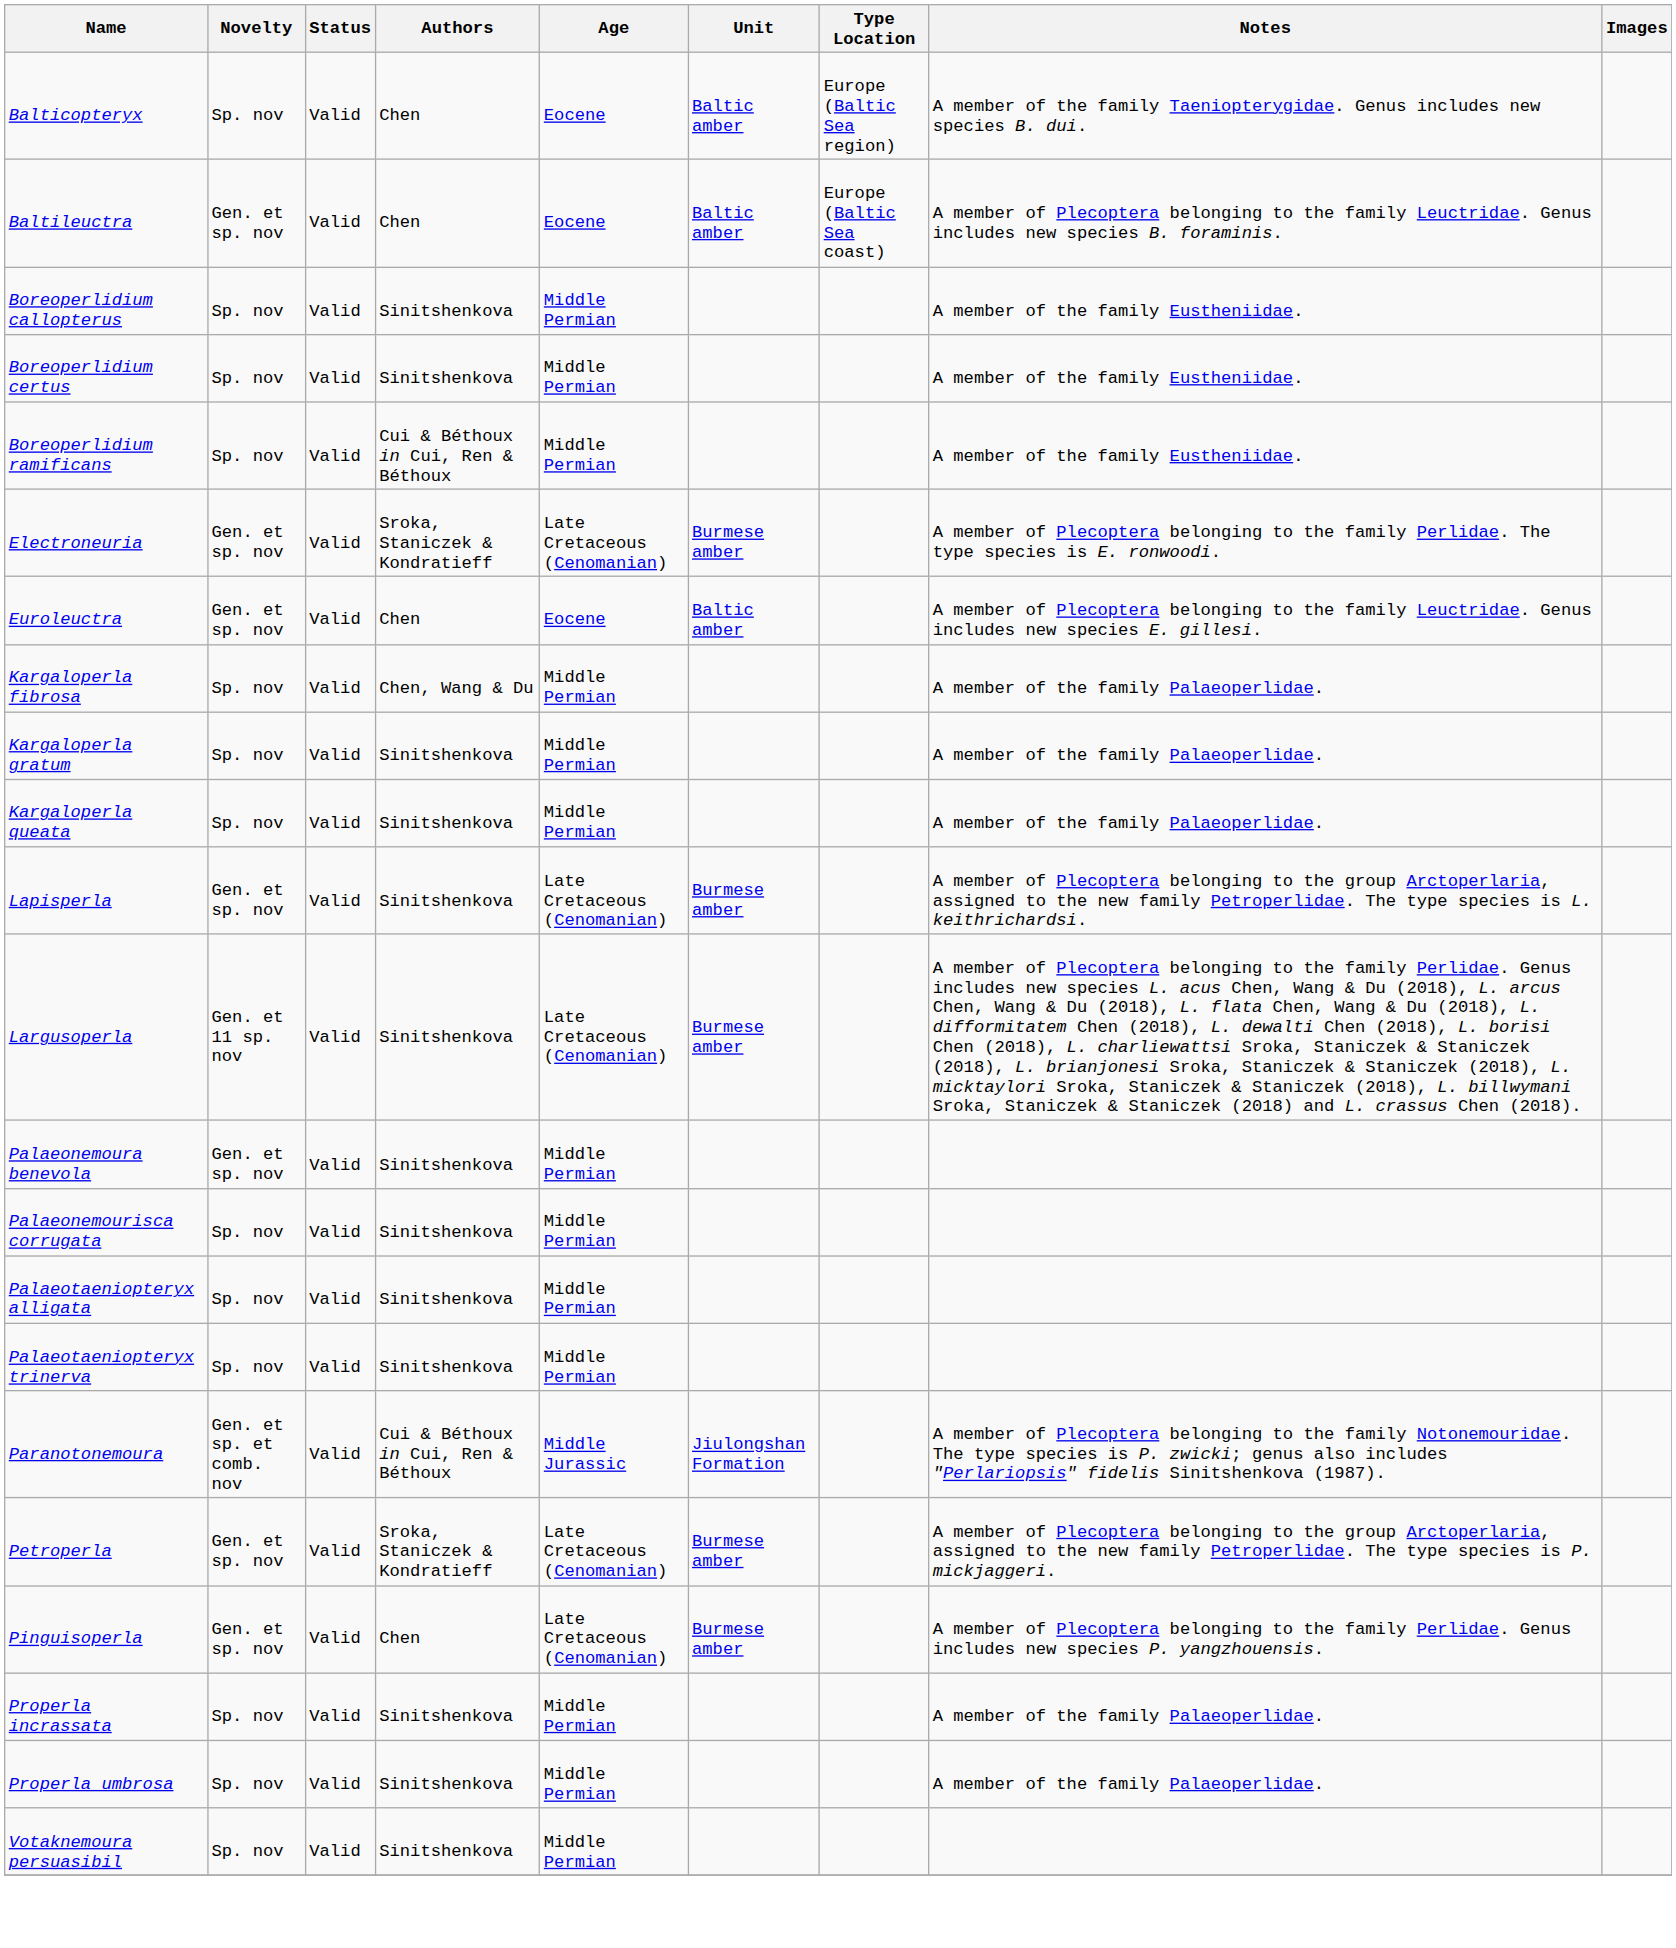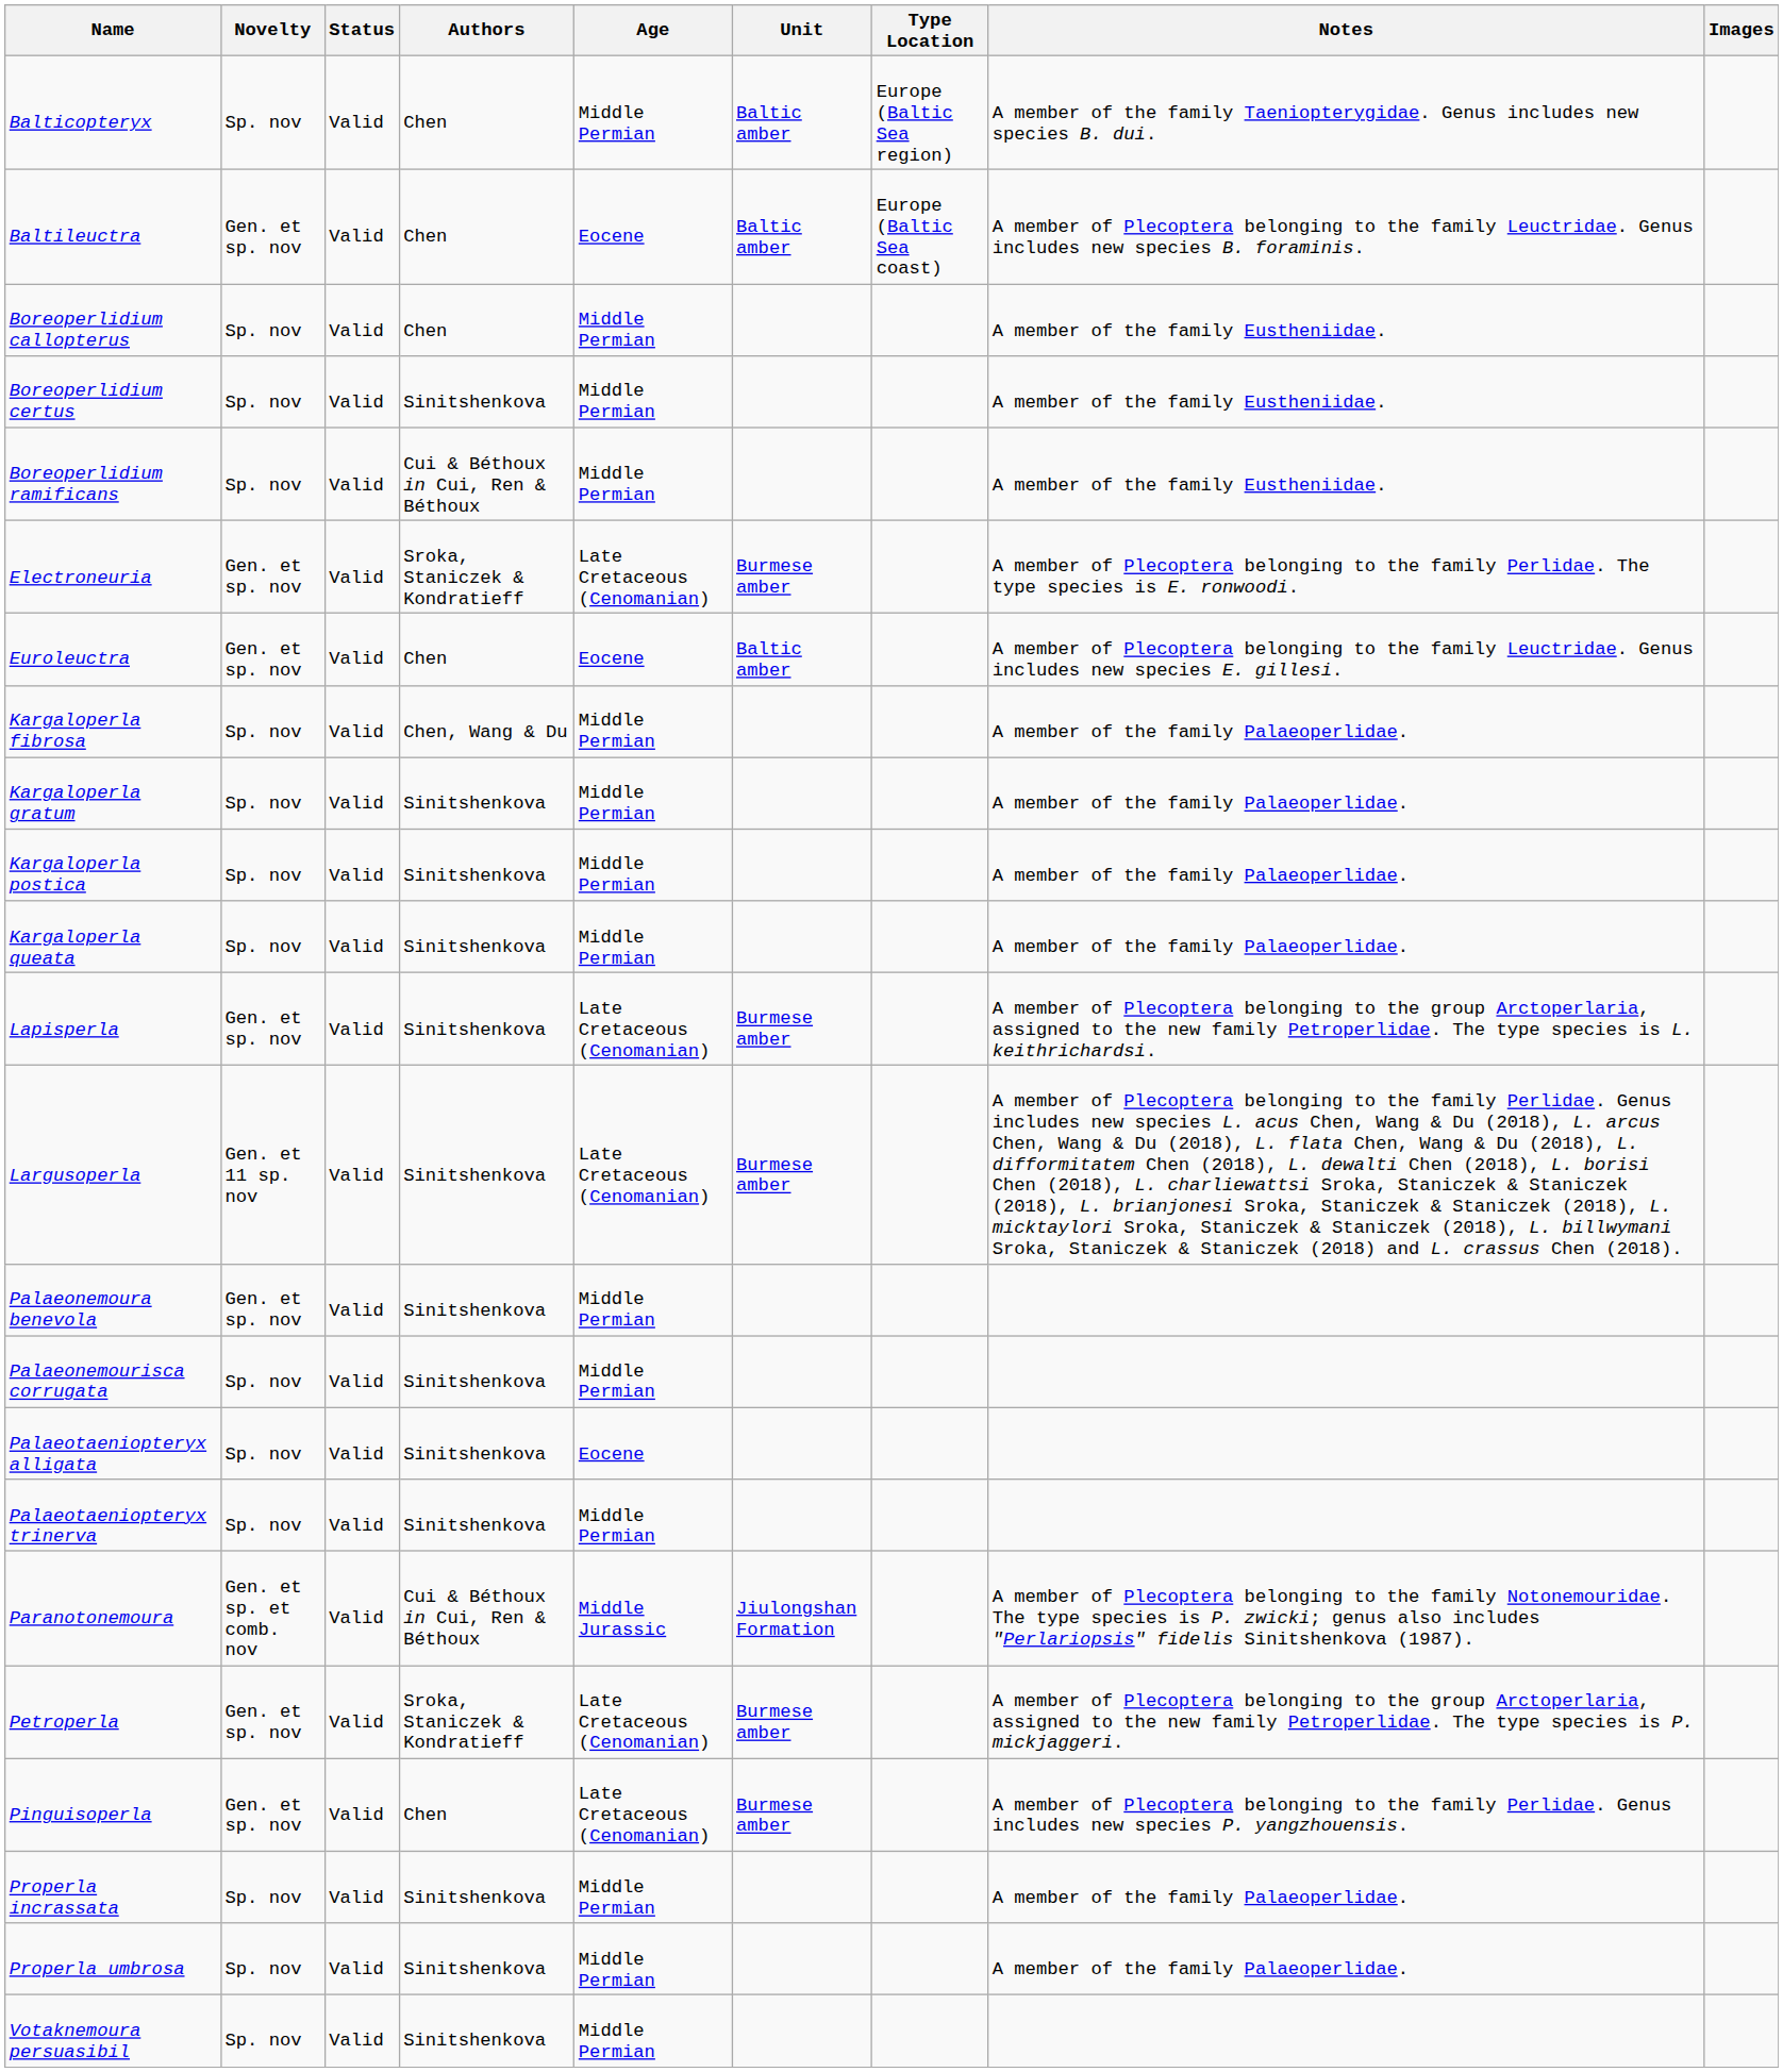 <table class="wikitable sortable" align="center" width="100%">
 <tr>
 <th>Name</th>
 <th>Novelty</th>
 <th>Status</th>
 <th>Authors</th>
 <th>Age</th>
 <th>Unit</th>
 <th>Type Location</th>
 <th>Notes</th>
 <th>Images</th>
 </tr>
 <tr>
 <td><br><em><a href='#'>Balticopteryx</a></em></td>
 <td><br>Sp. nov</td>
 <td><br>Valid</td>
 <td><br>Chen</td>
-<td><br><a href='#'>Eocene</a></td>
+<td><br>Middle <a href='#'>Permian</a></td>
 <td><br><a href='#'>Baltic amber</a></td>
 <td><br>Europe (<a href='#'>Baltic Sea</a> region)</td>
 <td><br>A member of the family <a href='#'>Taeniopterygidae</a>. Genus includes new species <em>B. dui</em>.</td>
 <td></td>
 </tr>
 <tr>
 <td><br><em><a href='#'>Baltileuctra</a></em></td>
 <td><br>Gen. et sp. nov</td>
 <td><br>Valid</td>
 <td><br>Chen</td>
 <td><br><a href='#'>Eocene</a></td>
 <td><br><a href='#'>Baltic amber</a></td>
 <td><br>Europe (<a href='#'>Baltic Sea</a> coast)</td>
 <td><br>A member of <a href='#'>Plecoptera</a> belonging to the family <a href='#'>Leuctridae</a>. Genus includes new species <em>B. foraminis</em>.</td>
 <td></td>
 </tr>
 <tr>
 <td><br><em><a href='#'>Boreoperlidium callopterus</a></em></td>
 <td><br>Sp. nov</td>
 <td><br>Valid</td>
-<td><br>Sinitshenkova</td>
+<td><br>Chen</td>
 <td><br><a href='#'>Middle Permian</a></td>
 <td></td>
 <td><br></td>
 <td><br>A member of the family <a href='#'>Eustheniidae</a>.</td>
 <td></td>
 </tr>
 <tr>
 <td><br><em><a href='#'>Boreoperlidium certus</a></em></td>
 <td><br>Sp. nov</td>
 <td><br>Valid</td>
 <td><br>Sinitshenkova</td>
 <td><br>Middle <a href='#'>Permian</a></td>
 <td></td>
 <td><br></td>
 <td><br>A member of the family <a href='#'>Eustheniidae</a>.</td>
 <td></td>
 </tr>
 <tr>
 <td><br><em><a href='#'>Boreoperlidium ramificans</a></em></td>
 <td><br>Sp. nov</td>
 <td><br>Valid</td>
 <td><br>Cui & Béthoux <em>in</em> Cui, Ren & Béthoux</td>
 <td><br>Middle <a href='#'>Permian</a></td>
 <td></td>
 <td><br></td>
 <td><br>A member of the family <a href='#'>Eustheniidae</a>.</td>
 <td></td>
 </tr>
 <tr>
 <td><br><em><a href='#'>Electroneuria</a></em></td>
 <td><br>Gen. et sp. nov</td>
 <td><br>Valid</td>
 <td><br>Sroka, Staniczek & Kondratieff</td>
 <td><br>Late Cretaceous (<a href='#'>Cenomanian</a>)</td>
 <td><br><a href='#'>Burmese amber</a></td>
 <td><br></td>
 <td><br>A member of <a href='#'>Plecoptera</a> belonging to the family <a href='#'>Perlidae</a>. The type species is <em>E. ronwoodi</em>.</td>
 <td><br></td>
 </tr>
 <tr>
 <td><br><em><a href='#'>Euroleuctra</a></em></td>
 <td><br>Gen. et sp. nov</td>
 <td><br>Valid</td>
 <td><br>Chen</td>
 <td><br><a href='#'>Eocene</a></td>
 <td><br><a href='#'>Baltic amber</a></td>
 <td><br></td>
 <td><br>A member of <a href='#'>Plecoptera</a> belonging to the family <a href='#'>Leuctridae</a>. Genus includes new species <em>E. gillesi</em>.</td>
 <td></td>
 </tr>
 <tr>
 <td><br><em><a href='#'>Kargaloperla fibrosa</a></em></td>
 <td><br>Sp. nov</td>
 <td><br>Valid</td>
 <td><br>Chen, Wang & Du</td>
 <td><br>Middle <a href='#'>Permian</a></td>
 <td></td>
 <td><br></td>
 <td><br>A member of the family <a href='#'>Palaeoperlidae</a>.</td>
 <td></td>
 </tr>
 <tr>
 <td><br><em><a href='#'>Kargaloperla gratum</a></em></td>
 <td><br>Sp. nov</td>
 <td><br>Valid</td>
 <td><br>Sinitshenkova</td>
 <td><br>Middle <a href='#'>Permian</a></td>
 <td></td>
 <td><br></td>
 <td><br>A member of the family <a href='#'>Palaeoperlidae</a>.</td>
 <td></td>
 </tr>
 <tr>
+<td><br><em><a href='#'>Kargaloperla postica</a></em></td>
+<td><br>Sp. nov</td>
+<td><br>Valid</td>
+<td><br>Sinitshenkova</td>
+<td><br>Middle <a href='#'>Permian</a></td>
+<td></td>
+<td><br></td>
+<td><br>A member of the family <a href='#'>Palaeoperlidae</a>.</td>
+<td></td>
+</tr>
+<tr>
 <td><br><em><a href='#'>Kargaloperla queata</a></em></td>
 <td><br>Sp. nov</td>
 <td><br>Valid</td>
 <td><br>Sinitshenkova</td>
 <td><br>Middle <a href='#'>Permian</a></td>
 <td></td>
 <td><br></td>
 <td><br>A member of the family <a href='#'>Palaeoperlidae</a>.</td>
 <td></td>
 </tr>
 <tr>
 <td><br><em><a href='#'>Lapisperla</a></em></td>
 <td><br>Gen. et sp. nov</td>
 <td><br>Valid</td>
 <td><br>Sinitshenkova</td>
 <td><br>Late Cretaceous (<a href='#'>Cenomanian</a>)</td>
 <td><br><a href='#'>Burmese amber</a></td>
 <td><br></td>
 <td><br>A member of <a href='#'>Plecoptera</a> belonging to the group <a href='#'>Arctoperlaria</a>, assigned to the new family <a href='#'>Petroperlidae</a>. The type species is <em>L. keithrichardsi</em>.</td>
 <td><br></td>
 </tr>
 <tr>
 <td><br><em><a href='#'>Largusoperla</a></em></td>
 <td><br>Gen. et 11 sp. nov</td>
 <td><br>Valid</td>
 <td><br>Sinitshenkova</td>
 <td><br>Late Cretaceous (<a href='#'>Cenomanian</a>)</td>
 <td><br><a href='#'>Burmese amber</a></td>
 <td><br></td>
 <td><br>A member of <a href='#'>Plecoptera</a> belonging to the family <a href='#'>Perlidae</a>. Genus includes new species <em>L. acus</em> Chen, Wang & Du (2018), <em>L. arcus</em> Chen, Wang & Du (2018), <em>L. flata</em> Chen, Wang & Du (2018), <em>L. difformitatem</em> Chen (2018), <em>L. dewalti</em> Chen (2018), <em>L. borisi</em> Chen (2018), <em>L. charliewattsi</em> Sroka, Staniczek & Staniczek (2018), <em>L. brianjonesi</em> Sroka, Staniczek & Staniczek (2018), <em>L. micktaylori</em> Sroka, Staniczek & Staniczek (2018), <em>L. billwymani</em> Sroka, Staniczek & Staniczek (2018) and <em>L. crassus</em> Chen (2018).</td>
 <td><br></td>
 </tr>
 <tr>
 <td><br><em><a href='#'>Palaeonemoura benevola</a></em></td>
 <td><br>Gen. et sp. nov</td>
 <td><br>Valid</td>
 <td><br>Sinitshenkova</td>
 <td><br>Middle <a href='#'>Permian</a></td>
 <td></td>
 <td><br></td>
 <td></td>
 <td></td>
 </tr>
 <tr>
 <td><br><em><a href='#'>Palaeonemourisca corrugata</a></em></td>
 <td><br>Sp. nov</td>
 <td><br>Valid</td>
 <td><br>Sinitshenkova</td>
 <td><br>Middle <a href='#'>Permian</a></td>
 <td></td>
 <td><br></td>
 <td></td>
 <td></td>
 </tr>
 <tr>
 <td><br><em><a href='#'>Palaeotaeniopteryx alligata</a></em></td>
 <td><br>Sp. nov</td>
 <td><br>Valid</td>
 <td><br>Sinitshenkova</td>
-<td><br>Middle <a href='#'>Permian</a></td>
+<td><br><a href='#'>Eocene</a></td>
 <td></td>
 <td><br></td>
 <td></td>
 <td></td>
 </tr>
 <tr>
 <td><br><em><a href='#'>Palaeotaeniopteryx trinerva</a></em></td>
 <td><br>Sp. nov</td>
 <td><br>Valid</td>
 <td><br>Sinitshenkova</td>
 <td><br>Middle <a href='#'>Permian</a></td>
 <td></td>
 <td><br></td>
 <td></td>
 <td></td>
 </tr>
 <tr>
 <td><br><em><a href='#'>Paranotonemoura</a></em></td>
 <td><br>Gen. et sp. et comb. nov</td>
 <td><br>Valid</td>
 <td><br>Cui & Béthoux <em>in</em> Cui, Ren & Béthoux</td>
 <td><br><a href='#'>Middle Jurassic</a></td>
 <td><br><a href='#'>Jiulongshan Formation</a></td>
 <td><br><br> </td>
 <td><br>A member of <a href='#'>Plecoptera</a> belonging to the family <a href='#'>Notonemouridae</a>. The type species is <em>P. zwicki</em>; genus also includes <em>"<a href='#'>Perlariopsis</a>" fidelis</em> Sinitshenkova (1987).</td>
 <td></td>
 </tr>
 <tr>
 <td><br><em><a href='#'>Petroperla</a></em></td>
 <td><br>Gen. et sp. nov</td>
 <td><br>Valid</td>
 <td><br>Sroka, Staniczek & Kondratieff</td>
 <td><br>Late Cretaceous (<a href='#'>Cenomanian</a>)</td>
 <td><br><a href='#'>Burmese amber</a></td>
 <td><br></td>
 <td><br>A member of <a href='#'>Plecoptera</a> belonging to the group <a href='#'>Arctoperlaria</a>, assigned to the new family <a href='#'>Petroperlidae</a>. The type species is <em>P. mickjaggeri</em>.</td>
 <td><br></td>
 </tr>
 <tr>
 <td><br><em><a href='#'>Pinguisoperla</a></em></td>
 <td><br>Gen. et sp. nov</td>
 <td><br>Valid</td>
 <td><br>Chen</td>
 <td><br>Late Cretaceous (<a href='#'>Cenomanian</a>)</td>
 <td><br><a href='#'>Burmese amber</a></td>
 <td><br></td>
 <td><br>A member of <a href='#'>Plecoptera</a> belonging to the family <a href='#'>Perlidae</a>. Genus includes new species <em>P. yangzhouensis</em>.</td>
 <td></td>
 </tr>
 <tr>
 <td><br><em><a href='#'>Properla incrassata</a></em></td>
 <td><br>Sp. nov</td>
 <td><br>Valid</td>
 <td><br>Sinitshenkova</td>
 <td><br>Middle <a href='#'>Permian</a></td>
 <td></td>
 <td><br></td>
 <td><br>A member of the family <a href='#'>Palaeoperlidae</a>.</td>
 <td></td>
 </tr>
 <tr>
 <td><br><em><a href='#'>Properla umbrosa</a></em></td>
 <td><br>Sp. nov</td>
 <td><br>Valid</td>
 <td><br>Sinitshenkova</td>
 <td><br>Middle <a href='#'>Permian</a></td>
 <td></td>
 <td><br></td>
 <td><br>A member of the family <a href='#'>Palaeoperlidae</a>.</td>
 <td></td>
 </tr>
 <tr>
 <td><br><em><a href='#'>Votaknemoura persuasibil</a></em></td>
 <td><br>Sp. nov</td>
 <td><br>Valid</td>
 <td><br>Sinitshenkova</td>
 <td><br>Middle <a href='#'>Permian</a></td>
 <td></td>
 <td><br></td>
 <td></td>
 <td></td>
 </tr>
 <tr>
 </tr>
 </table>
